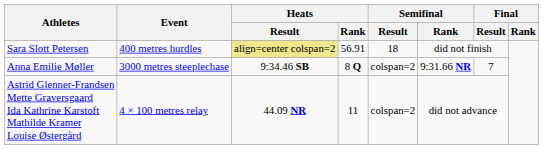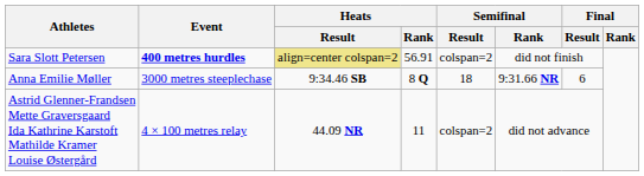 <table class="wikitable" border="1" style="font-size:90%">
 <tr>
 <th rowspan="2">Athletes</th>
 <th rowspan="2">Event</th>
 <th colspan="2">Heats</th>
 <th colspan="2">Semifinal</th>
 <th colspan="2">Final</th>
 </tr>
 <tr>
 <th>Result</th>
 <th>Rank</th>
 <th>Result</th>
 <th>Rank</th>
 <th>Result</th>
 <th>Rank</th>
 </tr>
 <tr>
 <td><a href='#'>Sara Slott Petersen</a></td>
-<td><a href='#'>400 metres hurdles</a></td>
+<td><strong><a href='#'>400 metres hurdles</a></strong></td>
 <td style="background: khaki;">align=center colspan=2 </td>
 <td align=center>56.91</td>
-<td align=center>18</td>
+<td>colspan=2</td>
 <td align=center colspan=2>did not finish</td>
 </tr>
 <tr>
 <td><a href='#'>Anna Emilie Møller</a></td>
 <td><a href='#'>3000 metres steeplechase</a></td>
 <td align=center>9:34.46 <strong>SB</strong></td>
 <td align=center>8 <strong>Q</strong></td>
-<td>colspan=2</td>
+<td align=center>18</td>
 <td align=center>9:31.66 <strong><a href='#'>NR</a></strong></td>
-<td align=center>7</td>
+<td align=center>6</td>
 </tr>
 <tr>
 <td><a href='#'>Astrid Glenner-Frandsen</a><br><a href='#'>Mette Graversgaard</a><br><a href='#'>Ida Kathrine Karstoft</a><br><a href='#'>Mathilde Kramer</a><br><a href='#'>Louise Østergård</a></td>
 <td><a href='#'>4 × 100 metres relay</a></td>
 <td align=center>44.09 <strong><a href='#'>NR</a></strong></td>
 <td align=center>11</td>
 <td>colspan=2</td>
 <td align=center colspan=2>did not advance</td>
 </tr>
 </table>
